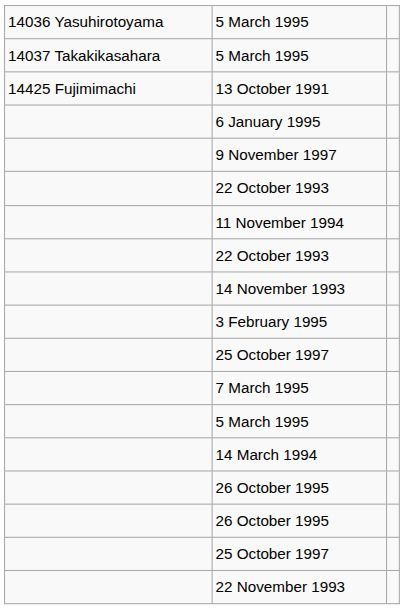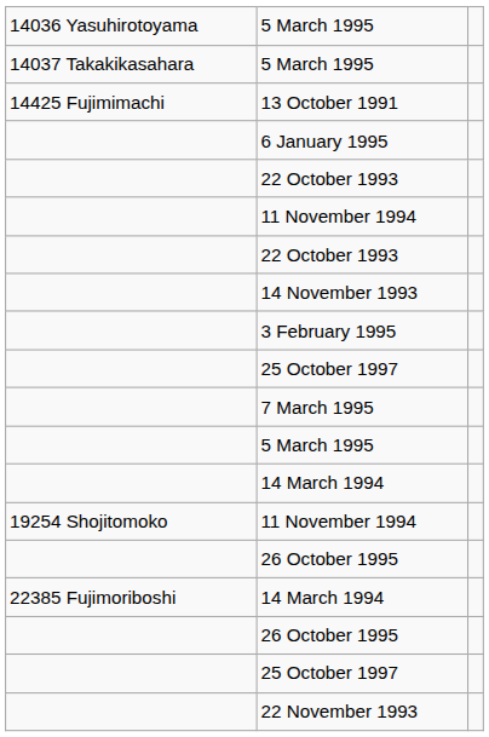 <table class="wikitable" style="font-size: 89%; float: left; width: 26em; margin-right: 1em; height: 560px;">
 <tr>
 <td>14036 Yasuhirotoyama</td>
 <td>5 March 1995</td>
 <td> </td>
 </tr>
 <tr>
 <td>14037 Takakikasahara</td>
 <td>5 March 1995</td>
 <td> </td>
 </tr>
 <tr>
 <td>14425 Fujimimachi</td>
 <td>13 October 1991</td>
 <td> </td>
 </tr>
 <tr>
 <td></td>
 <td>6 January 1995</td>
-<td> </td>
-</tr>
-<tr>
-<td></td>
-<td>9 November 1997</td>
 <td> </td>
 </tr>
 <tr>
 <td></td>
 <td>22 October 1993</td>
 <td> </td>
 </tr>
 <tr>
 <td></td>
 <td>11 November 1994</td>
 <td> </td>
 </tr>
 <tr>
 <td></td>
 <td>22 October 1993</td>
 <td> </td>
 </tr>
 <tr>
 <td></td>
 <td>14 November 1993</td>
 <td> </td>
 </tr>
 <tr>
 <td></td>
 <td>3 February 1995</td>
 <td> </td>
 </tr>
 <tr>
 <td></td>
 <td>25 October 1997</td>
 <td> </td>
 </tr>
 <tr>
 <td></td>
 <td>7 March 1995</td>
 <td> </td>
 </tr>
 <tr>
 <td></td>
 <td>5 March 1995</td>
 <td> </td>
 </tr>
 <tr>
 <td></td>
 <td>14 March 1994</td>
 <td> </td>
 </tr>
 <tr>
+<td>19254 Shojitomoko</td>
+<td>11 November 1994</td>
+<td> </td>
+</tr>
+<tr>
 <td></td>
 <td>26 October 1995</td>
+<td> </td>
+</tr>
+<tr>
+<td>22385 Fujimoriboshi</td>
+<td>14 March 1994</td>
 <td> </td>
 </tr>
 <tr>
 <td></td>
 <td>26 October 1995</td>
 <td> </td>
 </tr>
 <tr>
 <td></td>
 <td>25 October 1997</td>
 <td> </td>
 </tr>
 <tr>
 <td></td>
 <td>22 November 1993</td>
 <td> </td>
 </tr>
 </table>
